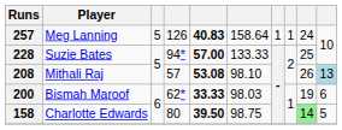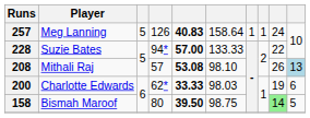 <table class="wikitable sortable" style="text-align:left;font-size:90%;">
 <tr>
 <th scope=col>Runs</th>
 <th scope=col>Player</th>
 <th scope=col></th>
 <th scope=col></th>
 <th scope=col><a href='#'></a></th>
 <th scope=col><a href='#'></a></th>
 <th scope=col><a href='#'></a></th>
 <th scope=col></th>
 <th scope=col><a href='#'></a></th>
 <th scope=col></th>
 </tr>
 <tr>
 <th scope=row>257</th>
 <td> <a href='#'>Meg Lanning</a></td>
 <td>5</td>
 <td>126</td>
 <td align=center><strong>40.83</strong></td>
 <td>158.64</td>
 <td>1</td>
 <td>1</td>
 <td>24</td>
 <td rowspan=2>10</td>
 </tr>
 <tr>
 <th scope=row>228</th>
 <td> <a href='#'>Suzie Bates</a></td>
 <td rowspan=2>5</td>
 <td>94<a href='#'>*</a></td>
 <td align=center><strong>57.00</strong></td>
 <td>133.33</td>
 <th rowspan=4 style="text-align:center">-</th>
 <td rowspan=2>2</td>
-<td>25</td>
+<td>22</td>
 </tr>
 <tr>
 <th scope=row>208</th>
 <td> <a href='#'>Mithali Raj</a></td>
 <td>57</td>
 <td align=center><strong>53.08</strong></td>
 <td>98.10</td>
 <td>26</td>
 <td style="background: lightblue;">13</td>
 </tr>
 <tr>
 <th scope=row>200</th>
-<td> <a href='#'>Bismah Maroof</a></td>
+<td> <a href='#'>Charlotte Edwards</a></td>
 <td rowspan=2>6</td>
 <td>62<a href='#'>*</a></td>
 <td align=center><strong>33.33</strong></td>
 <td>98.03</td>
 <td rowspan=2>1</td>
 <td>19</td>
 <td>6</td>
 </tr>
 <tr>
 <th scope=row>158</th>
-<td> <a href='#'>Charlotte Edwards</a></td>
+<td> <a href='#'>Bismah Maroof</a></td>
 <td>80</td>
 <td align=center><strong>39.50</strong></td>
 <td>98.75</td>
 <td style="background: lightgreen;">14</td>
 <td>5</td>
 </tr>
 <tr>
 </tr>
 </table>
